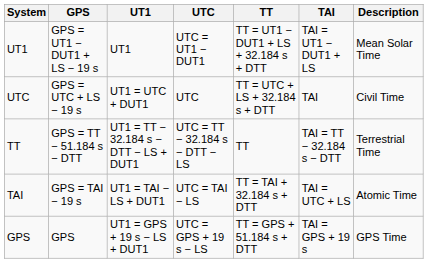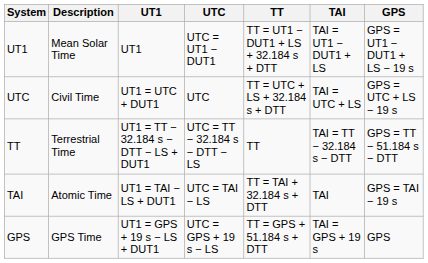 <table class="wikitable">
 <tr>
 <th>System</th>
-<th>GPS</th>
+<th>Description</th>
 <th>UT1</th>
 <th>UTC</th>
 <th>TT</th>
 <th>TAI</th>
-<th>Description</th>
+<th>GPS</th>
 </tr>
 <tr>
 <td>UT1</td>
-<td>GPS = UT1 − DUT1 + LS − 19 s</td>
+<td>Mean Solar Time</td>
 <td>UT1</td>
 <td>UTC = UT1 − DUT1</td>
 <td>TT = UT1 − DUT1 + LS + 32.184 s + DTT</td>
 <td>TAI = UT1 − DUT1 + LS</td>
-<td>Mean Solar Time</td>
+<td>GPS = UT1 − DUT1 + LS − 19 s</td>
 </tr>
 <tr>
 <td>UTC</td>
-<td>GPS = UTC + LS − 19 s</td>
+<td>Civil Time</td>
 <td>UT1 = UTC + DUT1</td>
 <td>UTC</td>
 <td>TT = UTC + LS + 32.184 s + DTT</td>
-<td>TAI</td>
-<td>Civil Time</td>
+<td>TAI = UTC + LS</td>
+<td>GPS = UTC + LS − 19 s</td>
 </tr>
 <tr>
 <td>TT</td>
-<td>GPS = TT − 51.184 s − DTT</td>
+<td>Terrestrial Time</td>
 <td>UT1 = TT − 32.184 s − DTT − LS + DUT1</td>
 <td>UTC = TT − 32.184 s − DTT − LS</td>
 <td>TT</td>
 <td>TAI = TT − 32.184 s − DTT</td>
-<td>Terrestrial Time</td>
+<td>GPS = TT − 51.184 s − DTT</td>
 </tr>
 <tr>
 <td>TAI</td>
-<td>GPS = TAI − 19 s</td>
+<td>Atomic Time</td>
 <td>UT1 = TAI − LS + DUT1</td>
 <td>UTC = TAI − LS</td>
 <td>TT = TAI + 32.184 s + DTT</td>
-<td>TAI = UTC + LS</td>
-<td>Atomic Time</td>
+<td>TAI</td>
+<td>GPS = TAI − 19 s</td>
 </tr>
 <tr>
 <td>GPS</td>
-<td>GPS</td>
+<td>GPS Time</td>
 <td>UT1 = GPS + 19 s − LS + DUT1</td>
 <td>UTC = GPS + 19 s − LS</td>
 <td>TT = GPS + 51.184 s + DTT</td>
 <td>TAI = GPS + 19 s</td>
-<td>GPS Time</td>
+<td>GPS</td>
 </tr>
 </table>
